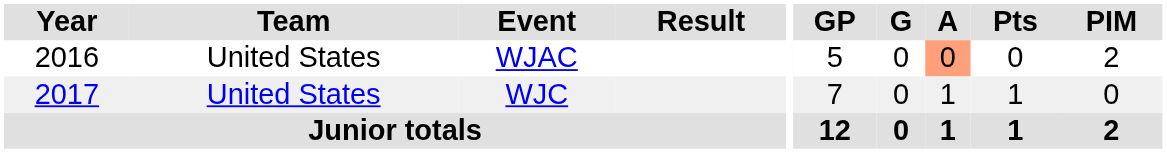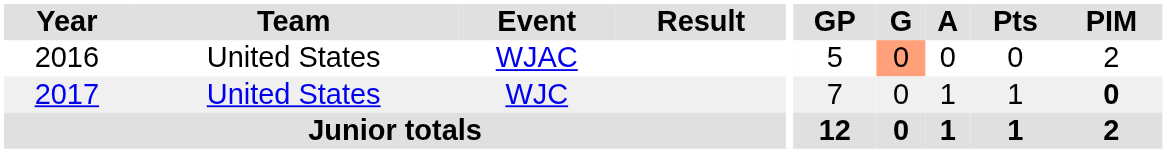 <table border="0" cellpadding="1" cellspacing="0" ID="Table3" style="text-align:center; width:40em;">
 <tr bgcolor="#e0e0e0">
 <th>Year</th>
 <th>Team</th>
 <th>Event</th>
 <th>Result</th>
 <th rowspan="99" bgcolor="#ffffff"></th>
 <th>GP</th>
 <th>G</th>
 <th>A</th>
 <th>Pts</th>
 <th>PIM</th>
 </tr>
 <tr>
 <td>2016</td>
 <td>United States</td>
 <td><a href='#'>WJAC</a></td>
 <td></td>
 <td>5</td>
+<td style="background: lightsalmon;">0</td>
 <td>0</td>
-<td style="background: lightsalmon;">0</td>
 <td>0</td>
 <td>2</td>
 </tr>
 <tr bgcolor="#f0f0f0">
 <td><a href='#'>2017</a></td>
 <td><a href='#'>United States</a></td>
 <td><a href='#'>WJC</a></td>
 <td></td>
 <td>7</td>
 <td>0</td>
 <td>1</td>
 <td>1</td>
-<td>0</td>
+<td><strong>0</strong></td>
 </tr>
 <tr bgcolor="#e0e0e0">
 <th colspan="4">Junior totals</th>
 <th>12</th>
 <th>0</th>
 <th>1</th>
 <th>1</th>
 <th>2</th>
 </tr>
 </table>
